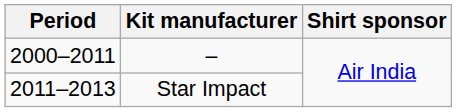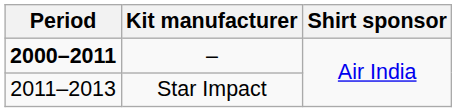 <table class="wikitable" style="text-align:center;margin-left:1em;float:center">
 <tr>
 <th>Period</th>
 <th>Kit manufacturer</th>
 <th>Shirt sponsor</th>
 </tr>
 <tr>
-<td>2000–2011</td>
+<td><strong>2000–2011</strong></td>
 <td>–</td>
 <td rowspan="2"><a href='#'>Air India</a></td>
 </tr>
 <tr>
 <td>2011–2013</td>
 <td>Star Impact</td>
 </tr>
 </table>
